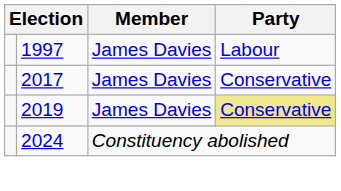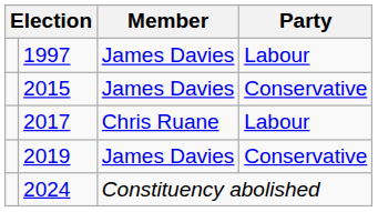 <table class="wikitable">
 <tr>
 <th colspan="2">Election</th>
 <th>Member</th>
 <th>Party</th>
 </tr>
 <tr>
 <td style="color:inherit;background-color: "></td>
 <td><a href='#'>1997</a></td>
 <td><a href='#'>James Davies</a></td>
 <td><a href='#'>Labour</a></td>
 </tr>
 <tr>
 <td style="color:inherit;background-color: "></td>
-<td><a href='#'>2017</a></td>
+<td><a href='#'>2015</a></td>
 <td><a href='#'>James Davies</a></td>
 <td><a href='#'>Conservative</a></td>
 </tr>
 <tr>
 <td style="color:inherit;background-color: "></td>
+<td><a href='#'>2017</a></td>
+<td><a href='#'>Chris Ruane</a></td>
+<td><a href='#'>Labour</a></td>
+</tr>
+<tr>
+<td style="color:inherit;background-color: "></td>
 <td><a href='#'>2019</a></td>
 <td><a href='#'>James Davies</a></td>
-<td style="background: khaki;"><a href='#'>Conservative</a></td>
+<td><a href='#'>Conservative</a></td>
 </tr>
 <tr>
 <td></td>
 <td><a href='#'>2024</a></td>
 <td colspan="2"><em>Constituency abolished</em></td>
 </tr>
 </table>
